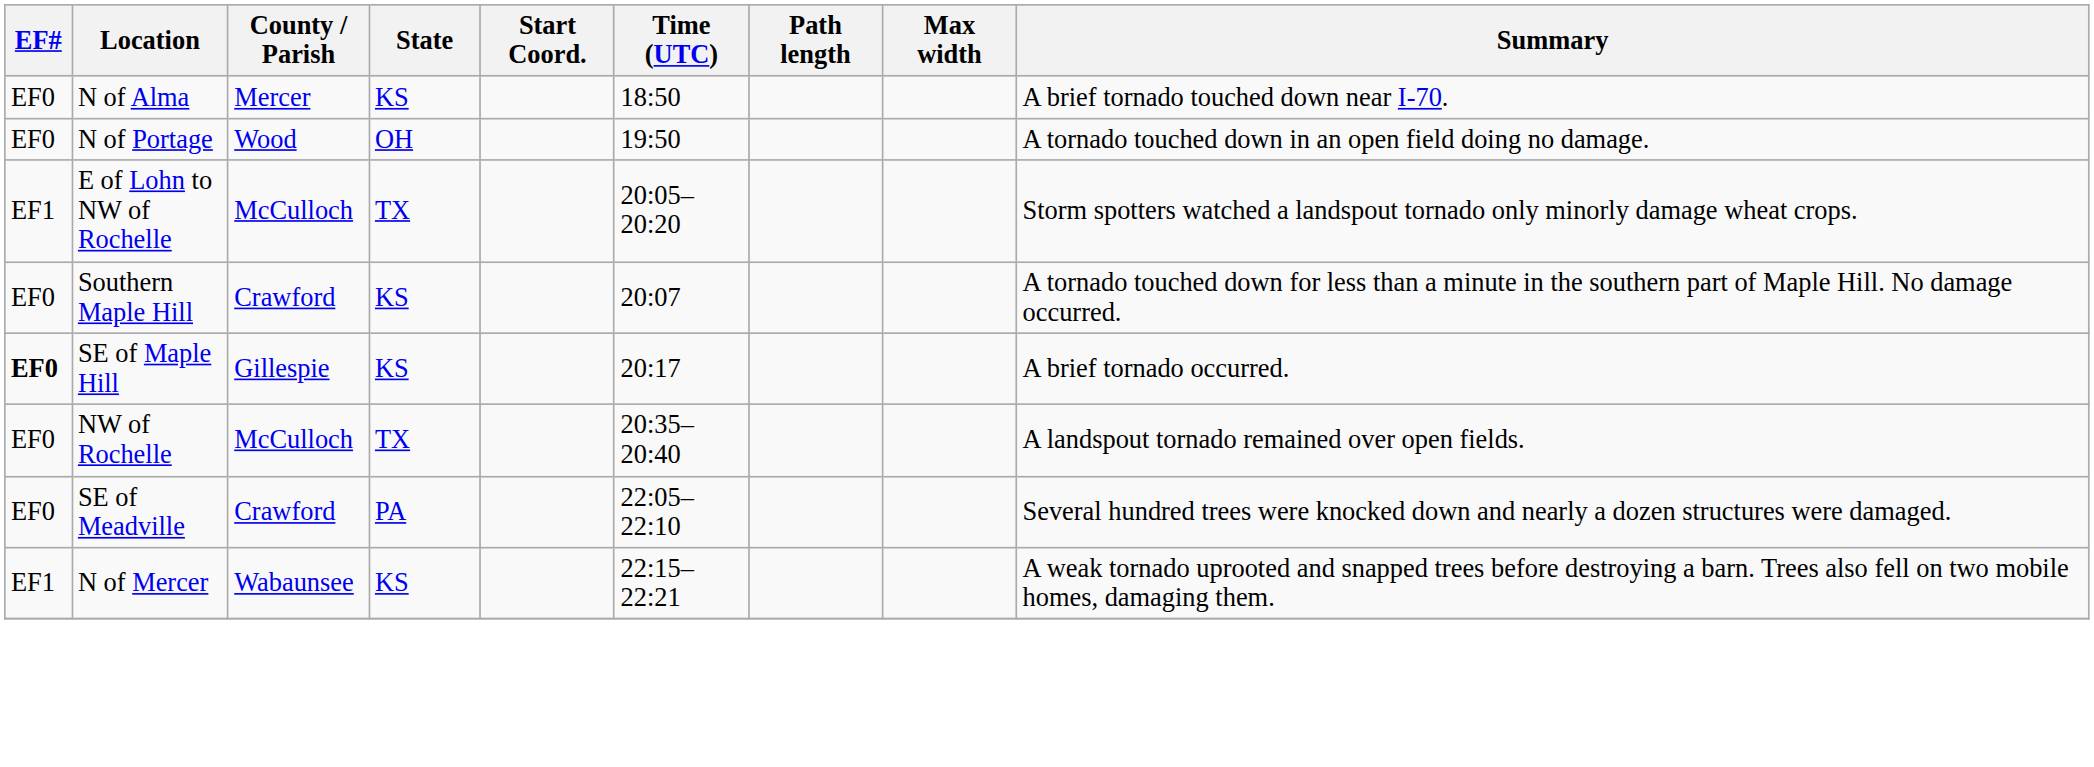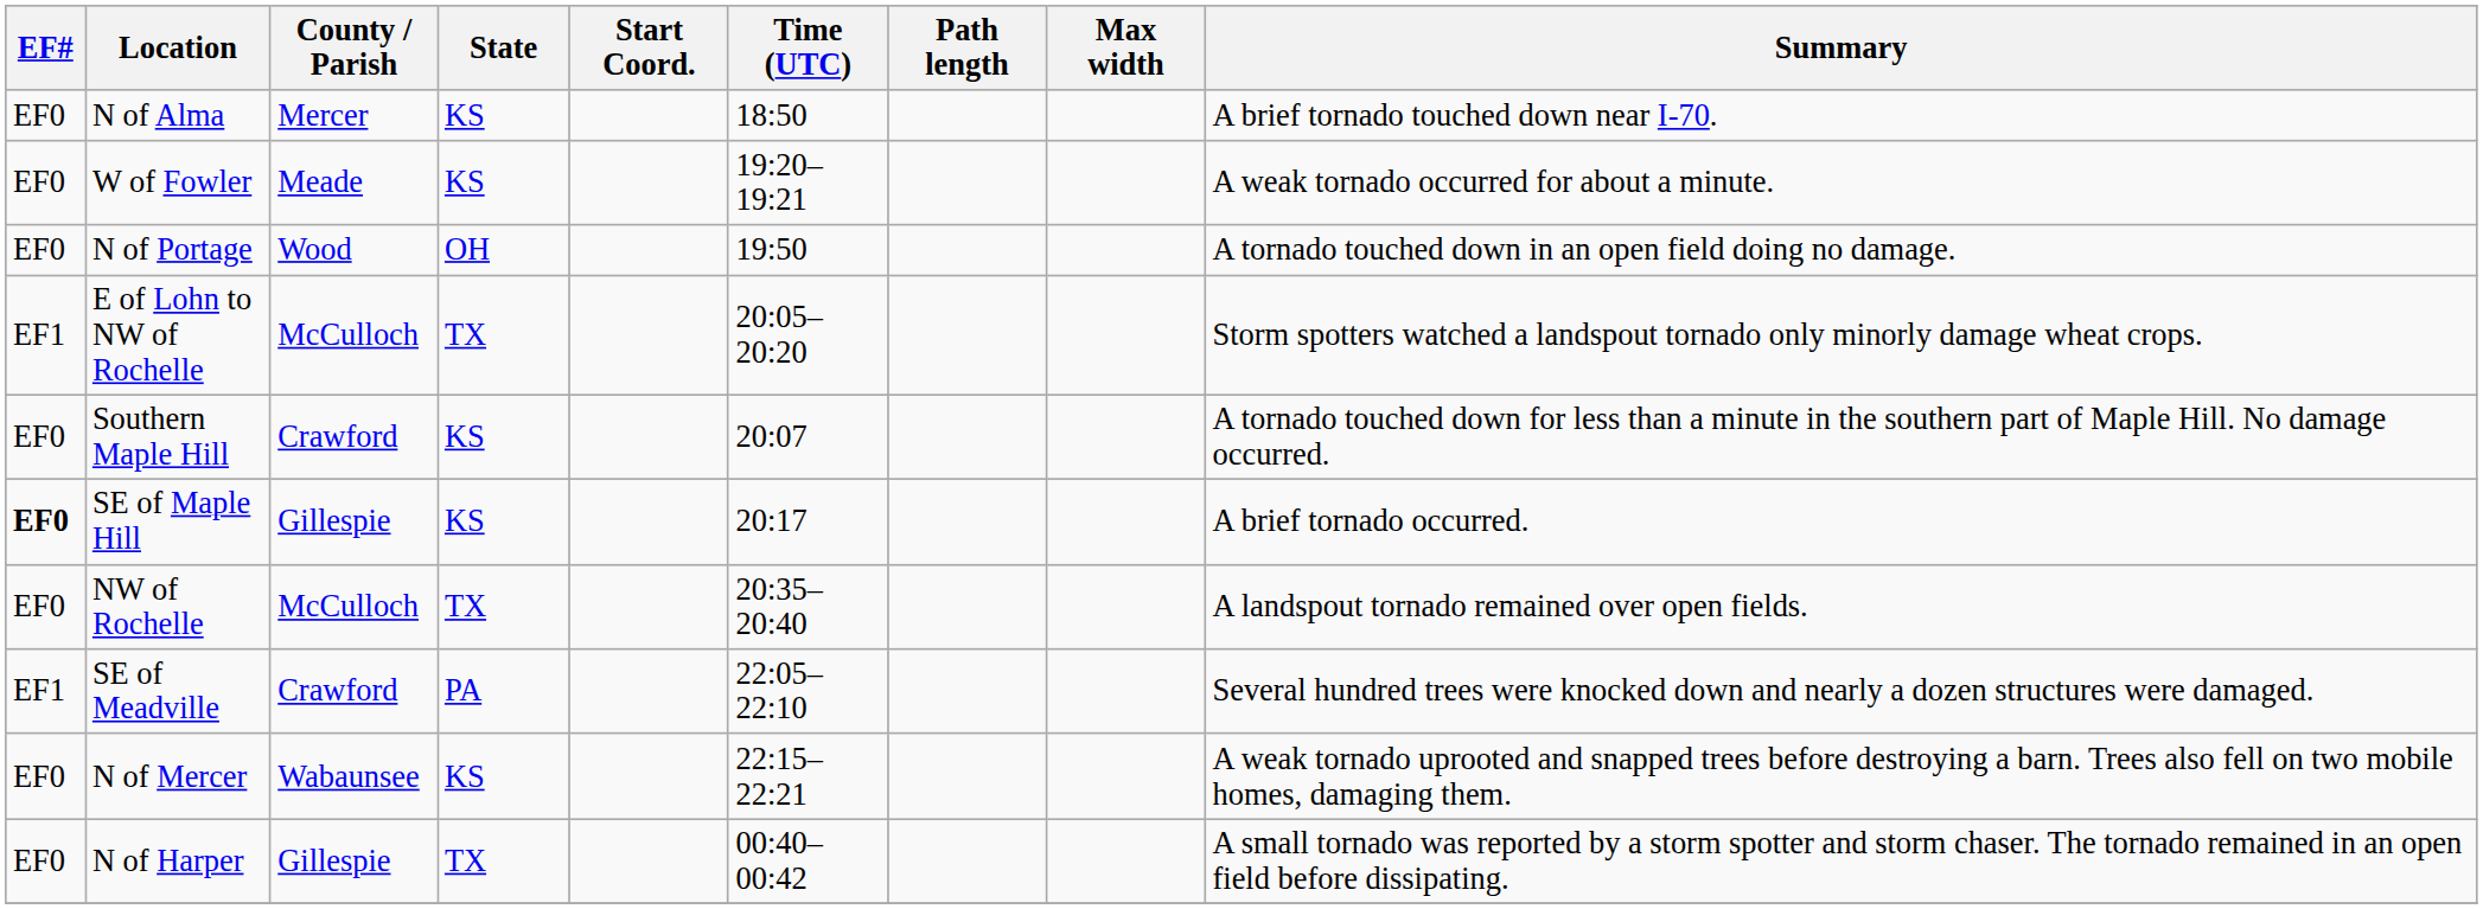 <table class="wikitable sortable" style="width:100%;">
 <tr>
 <th scope="col"  style="width:3%; text-align:center;"><a href='#'>EF#</a></th>
 <th scope="col"  style="width:7%; text-align:center;" class="unsortable">Location</th>
 <th scope="col"  style="width:6%; text-align:center;" class="unsortable">County / Parish</th>
 <th scope="col"  style="width:5%; text-align:center;">State</th>
 <th scope="col"  style="width:6%; text-align:center;">Start Coord.</th>
 <th scope="col"  style="width:6%; text-align:center;">Time (<a href='#'>UTC</a>)</th>
 <th scope="col"  style="width:6%; text-align:center;">Path length</th>
 <th scope="col"  style="width:6%; text-align:center;">Max width</th>
 <th scope="col" class="unsortable" style="width:48%; text-align:center;">Summary</th>
 </tr>
 <tr>
 <td>EF0</td>
 <td>N of <a href='#'>Alma</a></td>
 <td><a href='#'>Mercer</a></td>
 <td><a href='#'>KS</a></td>
 <td></td>
 <td>18:50</td>
 <td></td>
 <td></td>
 <td>A brief tornado touched down near <a href='#'>I-70</a>.</td>
+</tr>
+<tr>
+<td>EF0</td>
+<td>W of <a href='#'>Fowler</a></td>
+<td><a href='#'>Meade</a></td>
+<td><a href='#'>KS</a></td>
+<td></td>
+<td>19:20–19:21</td>
+<td></td>
+<td></td>
+<td>A weak tornado occurred for about a minute.</td>
 </tr>
 <tr>
 <td>EF0</td>
 <td>N of <a href='#'>Portage</a></td>
 <td><a href='#'>Wood</a></td>
 <td><a href='#'>OH</a></td>
 <td></td>
 <td>19:50</td>
 <td></td>
 <td></td>
 <td>A tornado touched down in an open field doing no damage.</td>
 </tr>
 <tr>
 <td>EF1</td>
 <td>E of <a href='#'>Lohn</a> to NW of <a href='#'>Rochelle</a></td>
 <td><a href='#'>McCulloch</a></td>
 <td><a href='#'>TX</a></td>
 <td></td>
 <td>20:05–20:20</td>
 <td></td>
 <td></td>
 <td>Storm spotters watched a landspout tornado only minorly damage wheat crops.</td>
 </tr>
 <tr>
 <td>EF0</td>
 <td>Southern <a href='#'>Maple Hill</a></td>
 <td><a href='#'>Crawford</a></td>
 <td><a href='#'>KS</a></td>
 <td></td>
 <td>20:07</td>
 <td></td>
 <td></td>
 <td>A tornado touched down for less than a minute in the southern part of Maple Hill. No damage occurred.</td>
 </tr>
 <tr>
 <td><strong>EF0</strong></td>
 <td>SE of <a href='#'>Maple Hill</a></td>
 <td><a href='#'>Gillespie</a></td>
 <td><a href='#'>KS</a></td>
 <td></td>
 <td>20:17</td>
 <td></td>
 <td></td>
 <td>A brief tornado occurred.</td>
 </tr>
 <tr>
 <td>EF0</td>
 <td>NW of <a href='#'>Rochelle</a></td>
 <td><a href='#'>McCulloch</a></td>
 <td><a href='#'>TX</a></td>
 <td></td>
 <td>20:35–20:40</td>
 <td></td>
 <td></td>
 <td>A landspout tornado remained over open fields.</td>
 </tr>
 <tr>
-<td>EF0</td>
+<td>EF1</td>
 <td>SE of <a href='#'>Meadville</a></td>
 <td><a href='#'>Crawford</a></td>
 <td><a href='#'>PA</a></td>
 <td></td>
 <td>22:05–22:10</td>
 <td></td>
 <td></td>
 <td>Several hundred trees were knocked down and nearly a dozen structures were damaged.</td>
 </tr>
 <tr>
-<td>EF1</td>
+<td>EF0</td>
 <td>N of <a href='#'>Mercer</a></td>
 <td><a href='#'>Wabaunsee</a></td>
 <td><a href='#'>KS</a></td>
 <td></td>
 <td>22:15–22:21</td>
 <td></td>
 <td></td>
 <td>A weak tornado uprooted and snapped trees before destroying a barn. Trees also fell on two mobile homes, damaging them.</td>
 </tr>
 <tr>
+<td>EF0</td>
+<td>N of <a href='#'>Harper</a></td>
+<td><a href='#'>Gillespie</a></td>
+<td><a href='#'>TX</a></td>
+<td></td>
+<td>00:40–00:42</td>
+<td></td>
+<td></td>
+<td>A small tornado was reported by a storm spotter and storm chaser. The tornado remained in an open field before dissipating.</td>
+</tr>
+<tr>
 </tr>
 </table>
